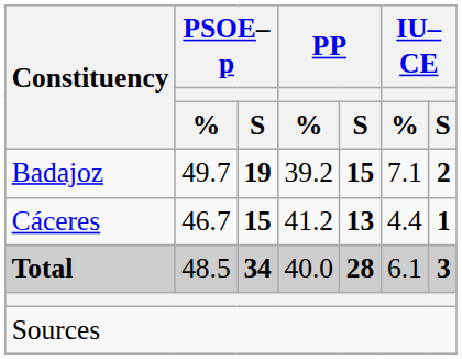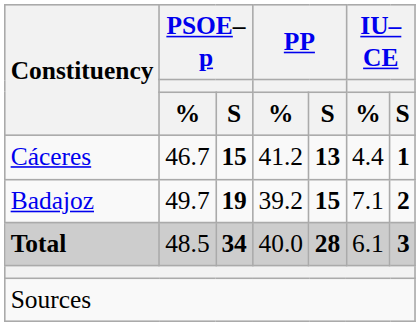 <table class="wikitable sortable" style="text-align:right; line-height:20px;">
 <tr>
 <th rowspan="3">Constituency</th>
 <th colspan="2" width="30px" class="unsortable"><a href='#'>PSOE</a>–<a href='#'>p</a></th>
 <th colspan="2" width="30px" class="unsortable"><a href='#'>PP</a></th>
 <th colspan="2" width="30px" class="unsortable"><a href='#'>IU–CE</a></th>
 </tr>
 <tr>
 <th colspan="2" style="background:"></th>
 <th colspan="2" style="background:"></th>
 <th colspan="2" style="background:"></th>
 </tr>
 <tr>
 <th data-sort-type="number">%</th>
 <th data-sort-type="number">S</th>
 <th data-sort-type="number">%</th>
 <th data-sort-type="number">S</th>
 <th data-sort-type="number">%</th>
 <th data-sort-type="number">S</th>
 </tr>
 <tr>
+<td align="left"><a href='#'>Cáceres</a></td>
+<td style="background:">46.7</td>
+<td><strong>15</strong></td>
+<td>41.2</td>
+<td><strong>13</strong></td>
+<td>4.4</td>
+<td><strong>1</strong></td>
+</tr>
+<tr>
 <td align="left"><a href='#'>Badajoz</a></td>
 <td style="background:">49.7</td>
 <td><strong>19</strong></td>
 <td>39.2</td>
 <td><strong>15</strong></td>
 <td>7.1</td>
 <td><strong>2</strong></td>
-</tr>
-<tr>
-<td align="left"><a href='#'>Cáceres</a></td>
-<td style="background:">46.7</td>
-<td><strong>15</strong></td>
-<td>41.2</td>
-<td><strong>13</strong></td>
-<td>4.4</td>
-<td><strong>1</strong></td>
 </tr>
 <tr style="background:#CDCDCD;">
 <td align="left"><strong>Total</strong></td>
 <td style="background:">48.5</td>
 <td><strong>34</strong></td>
 <td>40.0</td>
 <td><strong>28</strong></td>
 <td>6.1</td>
 <td><strong>3</strong></td>
 </tr>
 <tr>
 <th colspan="7"></th>
 </tr>
 <tr>
 <th style="text-align:left; font-weight:normal; background:#F9F9F9" colspan="7">Sources</th>
 </tr>
 </table>
